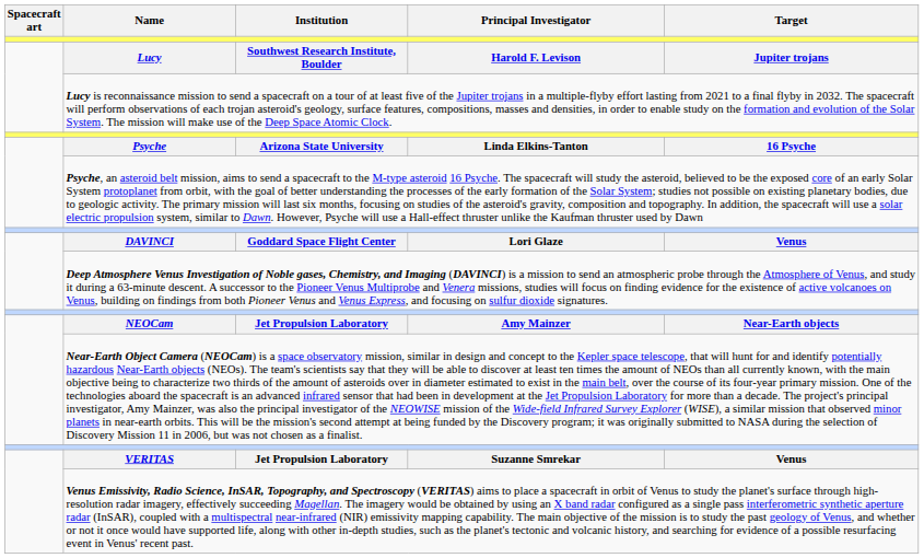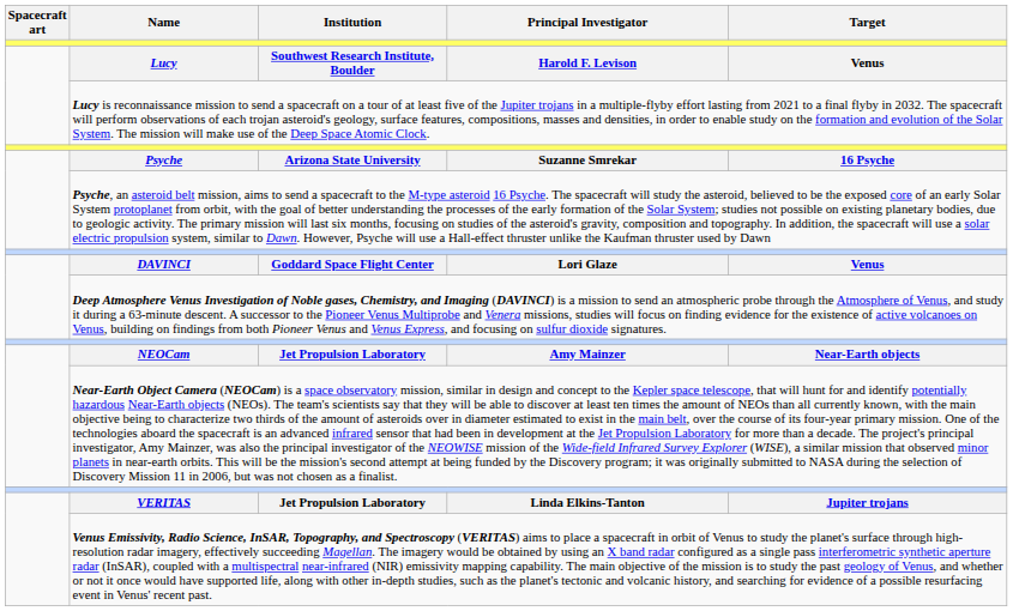 <table class="wikitable plainrowheaders">
 <tr>
 <th>Spacecraft art<br></th>
 <th width="20%">Name</th>
 <th width="20%">Institution</th>
 <th width="30%">Principal Investigator</th>
 <th width="30%">Target</th>
 </tr>
 <tr>
 <th colspan="6" style="background-color: #FFFF66"></th>
 </tr>
 <tr>
 <td style="text-align:center" scope="row" rowspan="2"></td>
 <th style="text-align:center" scope="row"><strong><em><a href='#'>Lucy</a></em></strong></th>
 <th scope="row"> <a href='#'>Southwest Research Institute, Boulder</a></th>
 <th style="text-align:center" scope="row"><a href='#'>Harold F. Levison</a></th>
-<th style="text-align:center" scope="row"><a href='#'>Jupiter trojans</a></th>
+<th style="text-align:center" scope="row">Venus</th>
 </tr>
 <tr>
 <td colspan="4" style="text-align: left"><br><strong><em>Lucy</em></strong> is reconnaissance mission to send a spacecraft on a tour of at least five of the <a href='#'>Jupiter trojans</a> in a multiple-flyby effort lasting from 2021 to a final flyby in 2032. The spacecraft will perform observations of each trojan asteroid's geology, surface features, compositions, masses and densities, in order to enable study on the <a href='#'>formation and evolution of the Solar System</a>. The mission will make use of the <a href='#'>Deep Space Atomic Clock</a>.</td>
 </tr>
 <tr>
 <th colspan="6" style="background-color: #FFFF66"></th>
 </tr>
 <tr>
 <td style="text-align:center" scope="row" rowspan="2"></td>
 <th style="text-align:center" scope="row"><strong><em><a href='#'>Psyche</a></em></strong></th>
 <th scope="row"> <a href='#'>Arizona State University</a></th>
-<th style="text-align:center" scope="row">Linda Elkins-Tanton</th>
+<th style="text-align:center" scope="row">Suzanne Smrekar</th>
 <th style="text-align:center" scope="row"><a href='#'>16 Psyche</a></th>
 </tr>
 <tr>
 <td colspan="4" style="text-align: left"><br><strong><em>Psyche</em></strong>, an <a href='#'>asteroid belt</a> mission, aims to send a spacecraft to the <a href='#'>M-type asteroid</a> <a href='#'>16 Psyche</a>. The spacecraft will study the asteroid, believed to be the exposed <a href='#'>core</a> of an early Solar System <a href='#'>protoplanet</a> from orbit, with the goal of better understanding the processes of the early formation of the <a href='#'>Solar System</a>; studies not possible on existing planetary bodies, due to geologic activity. The primary mission will last six months, focusing on studies of the asteroid's gravity, composition and topography. In addition, the spacecraft will use a <a href='#'>solar electric propulsion</a> system, similar to <em><a href='#'>Dawn</a></em>. However, Psyche will use a Hall-effect thruster unlike the Kaufman thruster used by Dawn </td>
 </tr>
 <tr>
 <th colspan="6" style="background-color: #BFD7FF"></th>
 </tr>
 <tr>
 <td style="text-align:center" scope="row" rowspan="2"></td>
 <th style="text-align:center" scope="row"><strong><em><a href='#'>DAVINCI</a></em></strong></th>
 <th scope="row"> <a href='#'>Goddard Space Flight Center</a></th>
 <th style="text-align:center" scope="row">Lori Glaze</th>
 <th style="text-align:center" scope="row"><a href='#'>Venus</a></th>
 </tr>
 <tr>
 <td colspan="4" style="text-align: left"><br><strong><em>Deep Atmosphere Venus Investigation of Noble gases, Chemistry, and Imaging</em></strong> (<strong><em>DAVINCI</em></strong>) is a mission to send an atmospheric probe through the <a href='#'>Atmosphere of Venus</a>, and study it during a 63-minute descent. A successor to the <a href='#'>Pioneer Venus Multiprobe</a> and <em><a href='#'>Venera</a></em> missions, studies will focus on finding evidence for the existence of <a href='#'>active volcanoes on Venus</a>, building on findings from both <em>Pioneer Venus</em> and <em><a href='#'>Venus Express</a></em>, and focusing on <a href='#'>sulfur dioxide</a> signatures.</td>
 </tr>
 <tr>
 <th colspan="6" style="background-color: #BFD7FF"></th>
 </tr>
 <tr>
 <td style="text-align:center" scope="row" rowspan="2"></td>
 <th style="text-align:center" scope="row"><strong><em><a href='#'>NEOCam</a></em></strong></th>
 <th scope="row"> <a href='#'>Jet Propulsion Laboratory</a></th>
 <th style="text-align:center" scope="row"><a href='#'>Amy Mainzer</a></th>
 <th style="text-align:center" scope="row"><a href='#'>Near-Earth objects</a></th>
 </tr>
 <tr>
 <td colspan="4" style="text-align: left"><br><strong><em>Near-Earth Object Camera</em></strong> (<strong><em>NEOCam</em></strong>) is a <a href='#'>space observatory</a> mission, similar in design and concept to the <a href='#'>Kepler space telescope</a>, that will hunt for and identify <a href='#'>potentially hazardous</a> <a href='#'>Near-Earth objects</a> (NEOs). The team's scientists say that they will be able to discover at least ten times the amount of NEOs than all currently known, with the main objective being to characterize two thirds of the amount of asteroids over  in diameter estimated to exist in the <a href='#'>main belt</a>, over the course of its four-year primary mission. One of the technologies aboard the spacecraft is an advanced <a href='#'>infrared</a> sensor that had been in development at the <a href='#'>Jet Propulsion Laboratory</a> for more than a decade. The project's principal investigator, Amy Mainzer, was also the principal investigator of the <em><a href='#'>NEOWISE</a></em> mission of the <em><a href='#'>Wide-field Infrared Survey Explorer</a></em> (<em>WISE</em>), a similar mission that observed <a href='#'>minor planets</a> in near-earth orbits. This will be the mission's second attempt at being funded by the Discovery program; it was originally submitted to NASA during the selection of Discovery Mission 11 in 2006, but was not chosen as a finalist.</td>
 </tr>
 <tr>
 <th colspan="6" style="background-color: #BFD7FF"></th>
 </tr>
 <tr>
 <td style="text-align:center" scope="row" rowspan="2"></td>
 <th style="text-align:center" scope="row"><strong><em><a href='#'>VERITAS</a></em></strong></th>
 <th scope="row"> Jet Propulsion Laboratory</th>
-<th style="text-align:center" scope="row">Suzanne Smrekar</th>
-<th style="text-align:center" scope="row">Venus</th>
+<th style="text-align:center" scope="row">Linda Elkins-Tanton</th>
+<th style="text-align:center" scope="row"><a href='#'>Jupiter trojans</a></th>
 </tr>
 <tr>
 <td colspan="4" style="text-align: left"><br><strong><em>Venus Emissivity, Radio Science, InSAR, Topography, and Spectroscopy</em></strong> (<strong><em>VERITAS</em></strong>) aims to place a spacecraft in orbit of Venus to study the planet's surface through high-resolution radar imagery, effectively succeeding <em><a href='#'>Magellan</a></em>. The imagery would be obtained by using an <a href='#'>X band radar</a> configured as a single pass <a href='#'>interferometric synthetic aperture radar</a> (InSAR), coupled with a <a href='#'>multispectral</a> <a href='#'>near-infrared</a> (NIR) emissivity mapping capability. The main objective of the mission is to study the past <a href='#'>geology of Venus</a>, and whether or not it once would have supported life, along with other in-depth studies, such as the planet's tectonic and volcanic history, and searching for evidence of a possible resurfacing event in Venus' recent past.</td>
 </tr>
 </table>
